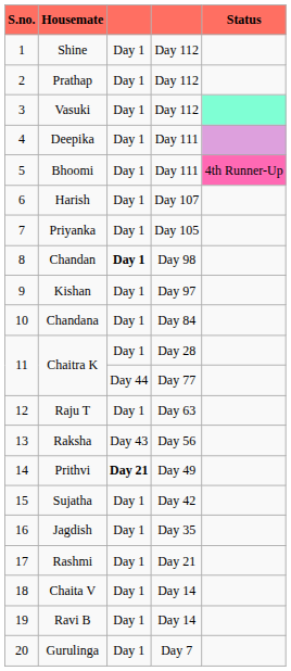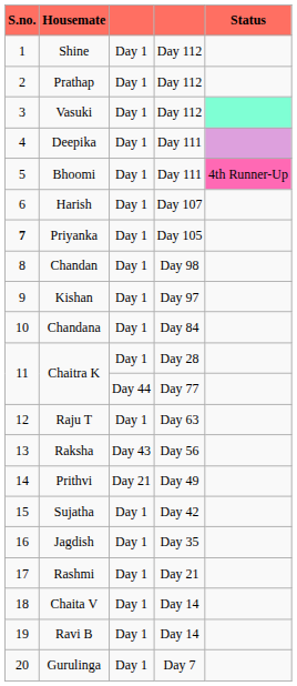 <table class="wikitable sortable" style=" text-align:center; font-size:85%;  line-height:25px; width:auto;">
 <tr>
 <td bgcolor=#FF6F62><strong>S.no.</strong></td>
 <td scope="col" bgcolor=#FF6F62><strong>Housemate</strong></td>
 <td scope="col" bgcolor=#FF6F62><strong></strong></td>
 <td scope="col" bgcolor=#FF6F62><strong></strong></td>
 <td bgcolor=#FF6F62><strong>Status</strong></td>
 </tr>
 <tr>
 <td>1</td>
 <td>Shine</td>
 <td>Day 1</td>
 <td>Day 112</td>
 <td></td>
 </tr>
 <tr>
 <td>2</td>
 <td>Prathap</td>
 <td>Day 1</td>
 <td>Day 112</td>
 <td></td>
 </tr>
 <tr>
 <td>3</td>
 <td>Vasuki</td>
 <td>Day 1</td>
 <td>Day 112</td>
 <td style="background:#7FFFD4;"></td>
 </tr>
 <tr>
 <td>4</td>
 <td>Deepika</td>
 <td>Day 1</td>
 <td>Day 111</td>
 <td style="background:#DDA0DD; text-align:center;"></td>
 </tr>
 <tr>
 <td>5</td>
 <td>Bhoomi</td>
 <td>Day 1</td>
 <td>Day 111</td>
 <td style="background:#FF69B4; text-align:center;">4th Runner-Up</td>
 </tr>
 <tr>
 <td>6</td>
 <td>Harish</td>
 <td>Day 1</td>
 <td>Day 107</td>
 <td></td>
 </tr>
 <tr>
-<td>7</td>
+<td><strong>7</strong></td>
 <td>Priyanka</td>
 <td>Day 1</td>
 <td>Day 105</td>
 <td></td>
 </tr>
 <tr>
 <td>8</td>
 <td>Chandan</td>
-<td><strong>Day 1</strong></td>
+<td>Day 1</td>
 <td>Day 98</td>
 <td></td>
 </tr>
 <tr>
 <td>9</td>
 <td>Kishan</td>
 <td>Day 1</td>
 <td>Day 97</td>
 <td></td>
 </tr>
 <tr>
 <td>10</td>
 <td>Chandana</td>
 <td>Day 1</td>
 <td>Day 84</td>
 <td></td>
 </tr>
 <tr>
 <td rowspan="2">11</td>
 <td rowspan="2">Chaitra K</td>
 <td>Day 1</td>
 <td>Day 28</td>
 <td></td>
 </tr>
 <tr>
 <td>Day 44</td>
 <td>Day 77</td>
 <td></td>
 </tr>
 <tr>
 <td>12</td>
 <td>Raju T</td>
 <td>Day 1</td>
 <td>Day 63</td>
 <td></td>
 </tr>
 <tr>
 <td>13</td>
 <td>Raksha</td>
 <td>Day 43</td>
 <td>Day 56</td>
 <td></td>
 </tr>
 <tr>
 <td>14</td>
 <td>Prithvi</td>
-<td><strong>Day 21</strong></td>
+<td>Day 21</td>
 <td>Day 49</td>
 <td></td>
 </tr>
 <tr>
 <td>15</td>
 <td>Sujatha</td>
 <td>Day 1</td>
 <td>Day 42</td>
 <td></td>
 </tr>
 <tr>
 <td>16</td>
 <td>Jagdish</td>
 <td>Day 1</td>
 <td>Day 35</td>
 <td></td>
 </tr>
 <tr>
 <td>17</td>
 <td>Rashmi</td>
 <td>Day 1</td>
 <td>Day 21</td>
 <td></td>
 </tr>
 <tr>
 <td>18</td>
 <td>Chaita V</td>
 <td>Day 1</td>
 <td>Day 14</td>
 <td></td>
 </tr>
 <tr>
 <td>19</td>
 <td>Ravi B</td>
 <td>Day 1</td>
 <td>Day 14</td>
 <td></td>
 </tr>
 <tr>
 <td>20</td>
 <td>Gurulinga</td>
 <td>Day 1</td>
 <td>Day 7</td>
 <td></td>
 </tr>
 </table>
